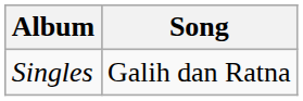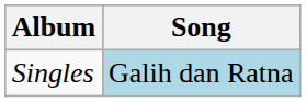 <table class="wikitable">
 <tr>
 <th>Album</th>
 <th>Song</th>
 </tr>
 <tr>
 <td><em>Singles</em></td>
-<td>Galih dan Ratna</td>
+<td style="background: lightblue;">Galih dan Ratna</td>
 </tr>
 </table>
